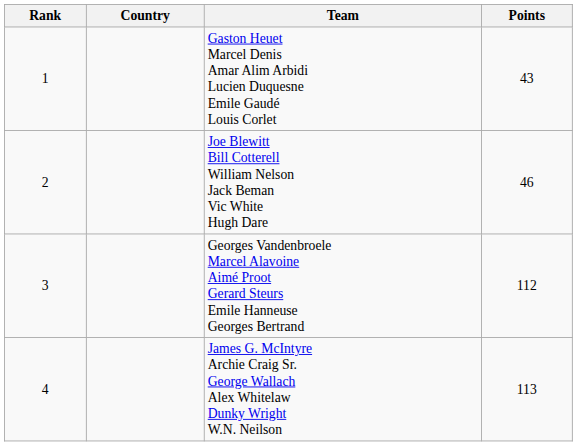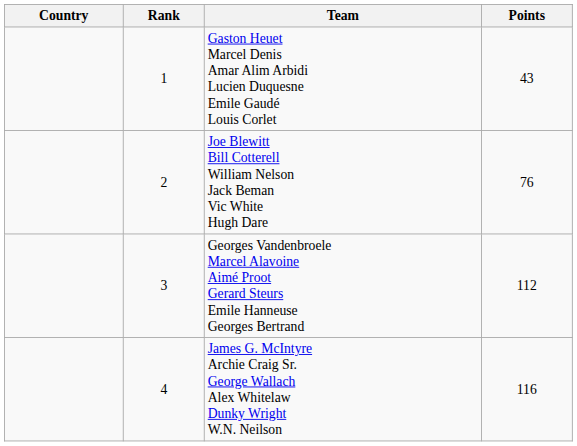 <table class="wikitable sortable" style=" text-align:center; font-size:95%;" width="50%">
 <tr>
+<th>Country</th>
 <th>Rank</th>
-<th>Country</th>
 <th>Team</th>
 <th>Points</th>
 </tr>
 <tr>
+<td align=left></td>
 <td align=center>1</td>
-<td align=left></td>
 <td align=left><a href='#'>Gaston Heuet</a><br>Marcel Denis<br>Amar Alim Arbidi<br>Lucien Duquesne<br>Emile Gaudé<br>Louis Corlet</td>
 <td>43</td>
 </tr>
 <tr>
+<td align=left></td>
 <td align=center>2</td>
-<td align=left></td>
 <td align=left><a href='#'>Joe Blewitt</a><br><a href='#'>Bill Cotterell</a><br>William Nelson<br>Jack Beman<br>Vic White<br>Hugh Dare</td>
-<td>46</td>
+<td>76</td>
 </tr>
 <tr>
+<td align=left></td>
 <td align=center>3</td>
-<td align=left></td>
 <td align=left>Georges Vandenbroele<br><a href='#'>Marcel Alavoine</a><br><a href='#'>Aimé Proot</a><br><a href='#'>Gerard Steurs</a><br>Emile Hanneuse<br>Georges Bertrand</td>
 <td>112</td>
 </tr>
 <tr>
+<td align=left></td>
 <td align=center>4</td>
-<td align=left></td>
 <td align=left><a href='#'>James G. McIntyre</a><br>Archie Craig Sr.<br><a href='#'>George Wallach</a><br>Alex Whitelaw<br><a href='#'>Dunky Wright</a><br>W.N. Neilson</td>
-<td>113</td>
+<td>116</td>
 </tr>
 </table>
